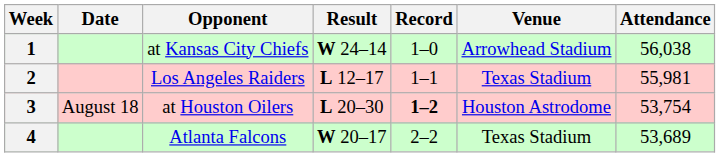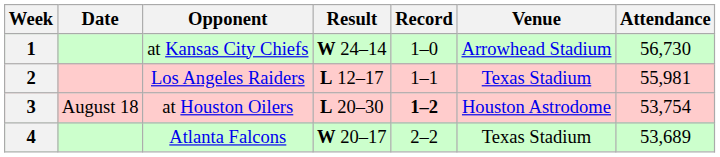 <table class="wikitable" style="text-align:center">
 <tr>
 <th>Week</th>
 <th>Date</th>
 <th>Opponent</th>
 <th>Result</th>
 <th>Record</th>
 <th>Venue</th>
 <th>Attendance</th>
 </tr>
 <tr style="background:#cfc">
 <th>1</th>
 <td></td>
 <td>at <a href='#'>Kansas City Chiefs</a></td>
 <td><strong>W</strong> 24–14</td>
 <td>1–0</td>
 <td><a href='#'>Arrowhead Stadium</a></td>
-<td>56,038</td>
+<td>56,730</td>
 </tr>
 <tr style="background:#fcc">
 <th>2</th>
 <td></td>
 <td><a href='#'>Los Angeles Raiders</a></td>
 <td><strong>L</strong> 12–17</td>
 <td>1–1</td>
 <td><a href='#'>Texas Stadium</a></td>
 <td>55,981</td>
 </tr>
 <tr style="background:#fcc">
 <th>3</th>
 <td>August 18</td>
 <td>at <a href='#'>Houston Oilers</a></td>
 <td><strong>L</strong> 20–30</td>
 <td><strong>1–2</strong></td>
 <td><a href='#'>Houston Astrodome</a></td>
 <td>53,754</td>
 </tr>
 <tr style="background:#cfc">
 <th>4</th>
 <td></td>
 <td><a href='#'>Atlanta Falcons</a></td>
 <td><strong>W</strong> 20–17 </td>
 <td>2–2</td>
 <td>Texas Stadium</td>
 <td>53,689</td>
 </tr>
 </table>
